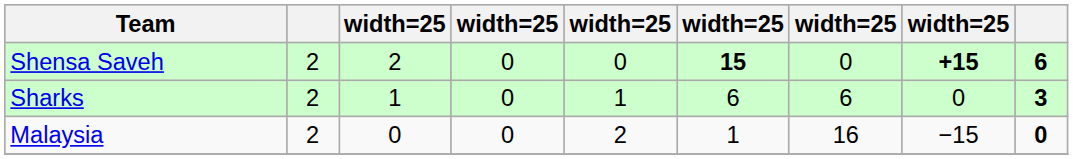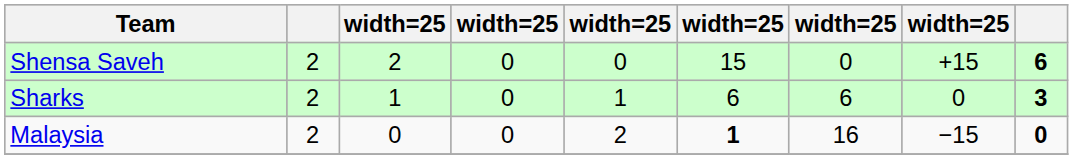 <table class="wikitable" style="text-align: center; font-size: 90%;">
 <tr>
 <th width="165">Team</th>
 <th width=25></th>
 <th>width=25</th>
 <th>width=25</th>
 <th>width=25</th>
 <th>width=25</th>
 <th>width=25</th>
 <th>width=25</th>
 <th width=25></th>
 </tr>
 <tr align=center bgcolor="ccffcc">
 <td style="text-align:left;"> <a href='#'>Shensa Saveh</a></td>
 <td>2</td>
 <td>2</td>
 <td>0</td>
 <td>0</td>
-<td><strong>15</strong></td>
+<td>15</td>
 <td>0</td>
-<td><strong>+15</strong></td>
+<td>+15</td>
 <td><strong>6</strong></td>
 </tr>
 <tr align=center bgcolor="ccffcc">
 <td style="text-align:left;"> <a href='#'>Sharks</a></td>
 <td>2</td>
 <td>1</td>
 <td>0</td>
 <td>1</td>
 <td>6</td>
 <td>6</td>
 <td>0</td>
 <td><strong>3</strong></td>
 </tr>
 <tr align=center>
 <td style="text-align:left;"> <a href='#'>Malaysia</a></td>
 <td>2</td>
 <td>0</td>
 <td>0</td>
 <td>2</td>
-<td>1</td>
+<td><strong>1</strong></td>
 <td>16</td>
 <td>−15</td>
 <td><strong>0</strong></td>
 </tr>
 <tr>
 </tr>
 </table>
